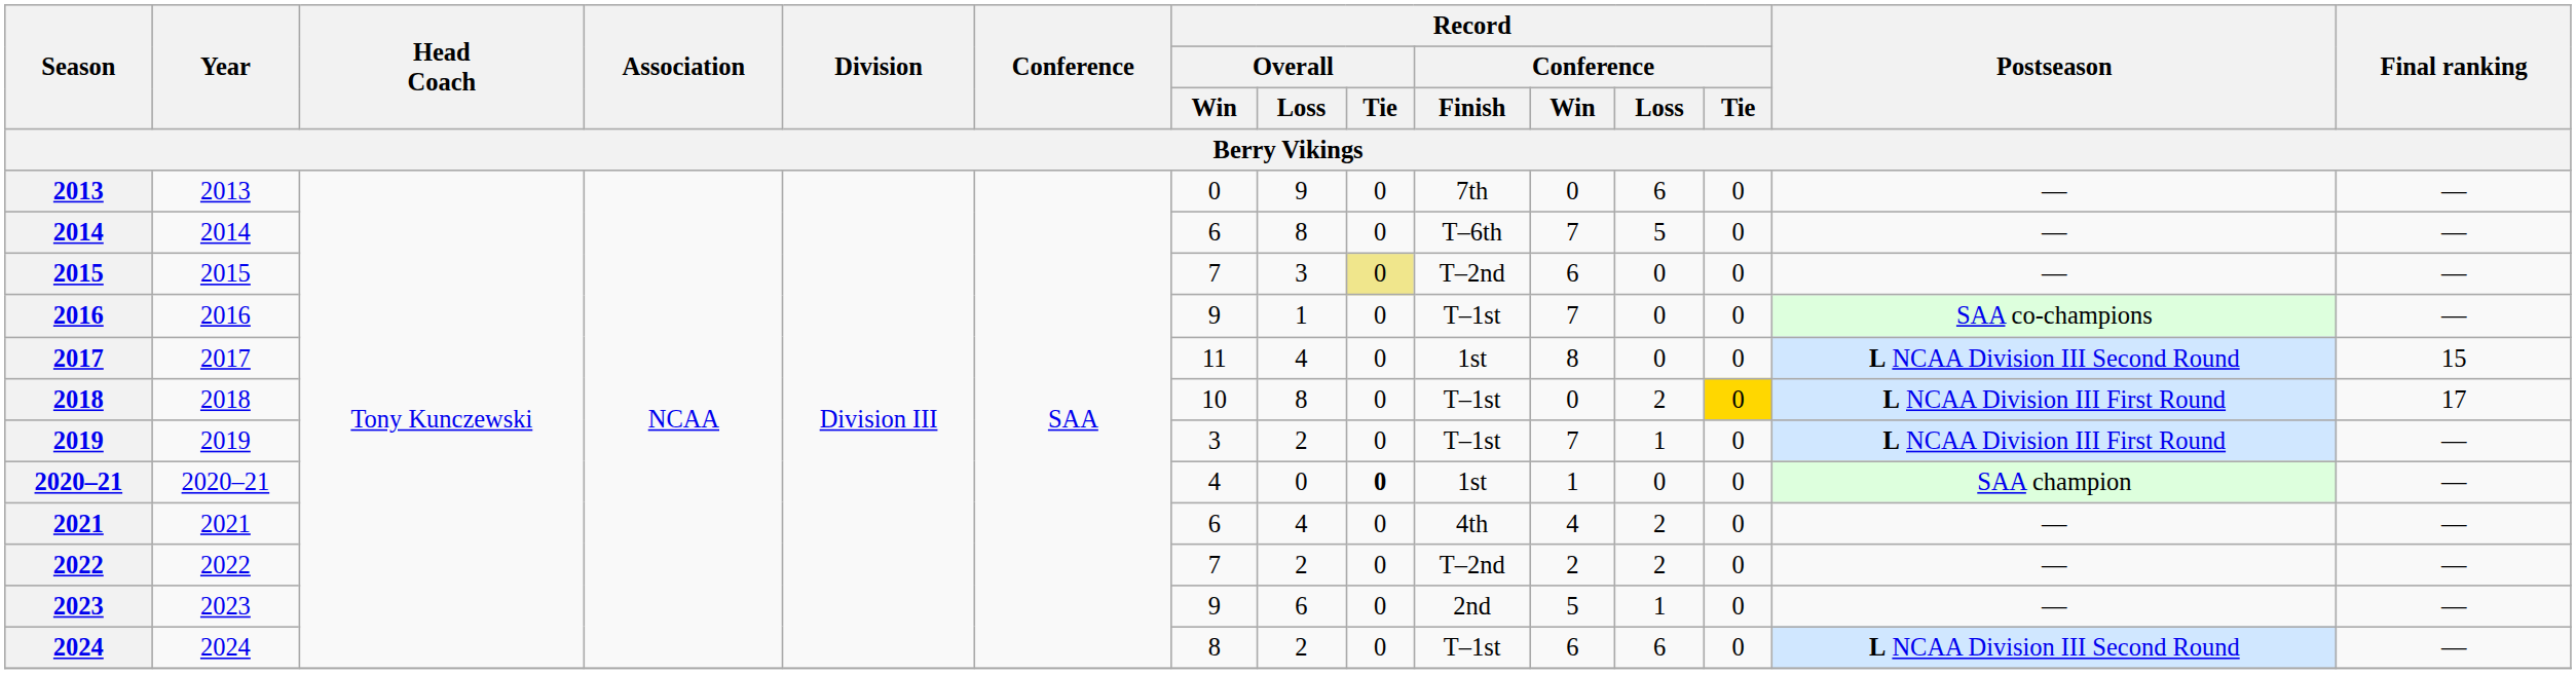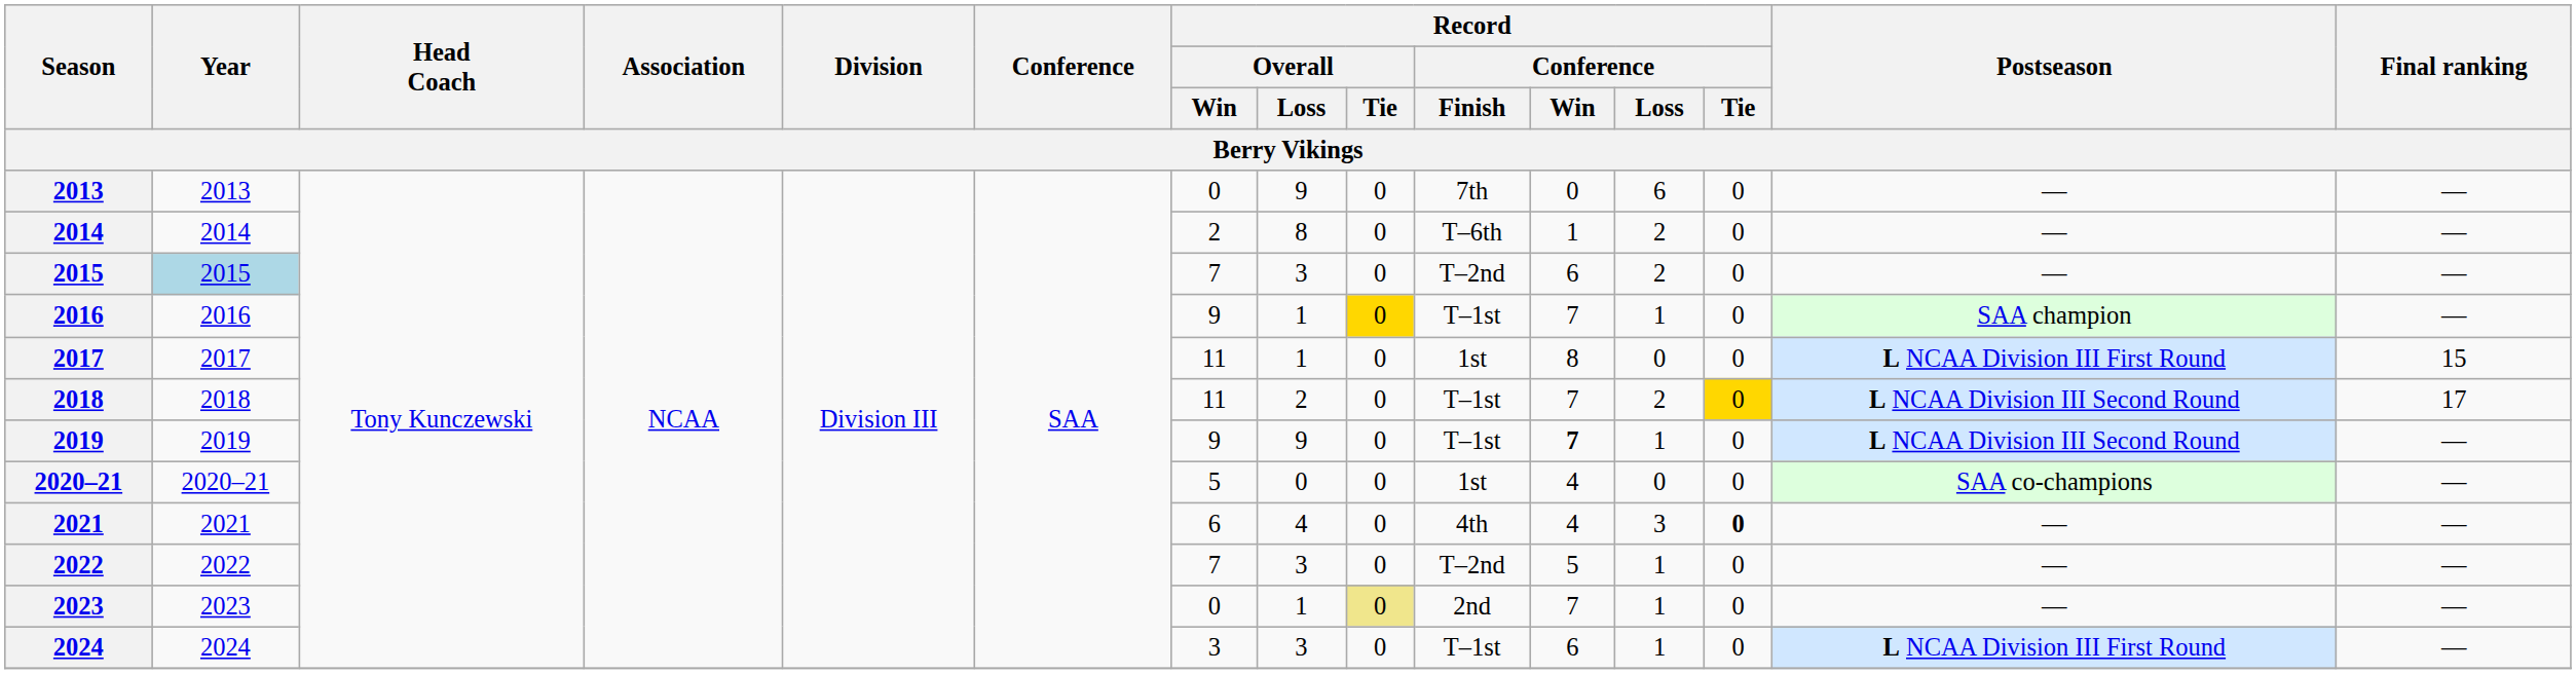 <table class="wikitable" style="font-size: 95%; width:98%;text-align:center;">
 <tr>
 <th rowspan="3">Season</th>
 <th rowspan="3">Year</th>
 <th rowspan="3">Head<br>Coach</th>
 <th rowspan="3">Association</th>
 <th rowspan="3">Division</th>
 <th rowspan="3">Conference</th>
 <th colspan="7">Record</th>
 <th rowspan="3">Postseason</th>
 <th rowspan="3">Final ranking</th>
 </tr>
 <tr>
 <th colspan="3">Overall</th>
 <th colspan="4">Conference</th>
 </tr>
 <tr>
 <th>Win</th>
 <th>Loss</th>
 <th>Tie</th>
 <th>Finish</th>
 <th>Win</th>
 <th>Loss</th>
 <th>Tie</th>
 </tr>
 <tr>
 <th colspan="15">Berry Vikings</th>
 </tr>
 <tr>
 <th><a href='#'>2013</a></th>
 <td><a href='#'>2013</a></td>
 <td rowspan="12"><a href='#'>Tony Kunczewski</a></td>
 <td rowspan="12"><a href='#'>NCAA</a></td>
 <td rowspan="12"><a href='#'>Division III</a></td>
 <td rowspan="12"><a href='#'>SAA</a></td>
 <td>0</td>
 <td>9</td>
 <td>0</td>
 <td>7th</td>
 <td>0</td>
 <td>6</td>
 <td>0</td>
 <td>—</td>
 <td>—</td>
 </tr>
 <tr>
 <th><a href='#'>2014</a></th>
 <td><a href='#'>2014</a></td>
-<td>6</td>
+<td>2</td>
 <td>8</td>
 <td>0</td>
 <td>T–6th</td>
-<td>7</td>
-<td>5</td>
+<td>1</td>
+<td>2</td>
 <td>0</td>
 <td>—</td>
 <td>—</td>
 </tr>
 <tr>
 <th><a href='#'>2015</a></th>
-<td><a href='#'>2015</a></td>
+<td style="background: lightblue;"><a href='#'>2015</a></td>
 <td>7</td>
 <td>3</td>
-<td style="background: khaki;">0</td>
+<td>0</td>
 <td>T–2nd</td>
 <td>6</td>
-<td>0</td>
+<td>2</td>
 <td>0</td>
 <td>—</td>
 <td>—</td>
 </tr>
 <tr>
 <th><a href='#'>2016</a></th>
 <td><a href='#'>2016</a></td>
 <td>9</td>
 <td>1</td>
-<td>0</td>
+<td style="background: gold;">0</td>
 <td>T–1st</td>
 <td>7</td>
+<td>1</td>
 <td>0</td>
-<td>0</td>
-<td bgcolor="#ddffdd"><a href='#'>SAA</a> co-champions</td>
+<td bgcolor="#ddffdd"><a href='#'>SAA</a> champion</td>
 <td>—</td>
 </tr>
 <tr>
 <th><a href='#'>2017</a></th>
 <td><a href='#'>2017</a></td>
 <td>11</td>
-<td>4</td>
+<td>1</td>
 <td>0</td>
 <td>1st</td>
 <td>8</td>
 <td>0</td>
 <td>0</td>
-<td bgcolor="#d0e7ff"><strong>L</strong> <a href='#'>NCAA Division III Second Round</a></td>
+<td bgcolor="#d0e7ff"><strong>L</strong> <a href='#'>NCAA Division III First Round</a></td>
 <td>15</td>
 </tr>
 <tr>
 <th><a href='#'>2018</a></th>
 <td><a href='#'>2018</a></td>
-<td>10</td>
-<td>8</td>
+<td>11</td>
+<td>2</td>
 <td>0</td>
 <td>T–1st</td>
-<td>0</td>
+<td>7</td>
 <td>2</td>
 <td style="background: gold;">0</td>
-<td bgcolor="#d0e7ff"><strong>L</strong> <a href='#'>NCAA Division III First Round</a></td>
+<td bgcolor="#d0e7ff"><strong>L</strong> <a href='#'>NCAA Division III Second Round</a></td>
 <td>17</td>
 </tr>
 <tr>
 <th><a href='#'>2019</a></th>
 <td><a href='#'>2019</a></td>
-<td>3</td>
-<td>2</td>
+<td>9</td>
+<td>9</td>
 <td>0</td>
 <td>T–1st</td>
-<td>7</td>
+<td><strong>7</strong></td>
 <td>1</td>
 <td>0</td>
-<td bgcolor="#d0e7ff"><strong>L</strong> <a href='#'>NCAA Division III First Round</a></td>
+<td bgcolor="#d0e7ff"><strong>L</strong> <a href='#'>NCAA Division III Second Round</a></td>
 <td>—</td>
 </tr>
 <tr>
 <th><a href='#'>2020–21</a></th>
 <td><a href='#'>2020–21</a></td>
+<td>5</td>
+<td>0</td>
+<td>0</td>
+<td>1st</td>
 <td>4</td>
 <td>0</td>
-<td><strong>0</strong></td>
-<td>1st</td>
-<td>1</td>
 <td>0</td>
-<td>0</td>
-<td bgcolor="#ddffdd"><a href='#'>SAA</a> champion</td>
+<td bgcolor="#ddffdd"><a href='#'>SAA</a> co-champions</td>
 <td>—</td>
 </tr>
 <tr>
 <th><a href='#'>2021</a></th>
 <td><a href='#'>2021</a></td>
 <td>6</td>
 <td>4</td>
 <td>0</td>
 <td>4th</td>
 <td>4</td>
-<td>2</td>
-<td>0</td>
+<td>3</td>
+<td><strong>0</strong></td>
 <td>—</td>
 <td>—</td>
 </tr>
 <tr>
 <th><a href='#'>2022</a></th>
 <td><a href='#'>2022</a></td>
 <td>7</td>
-<td>2</td>
+<td>3</td>
 <td>0</td>
 <td>T–2nd</td>
-<td>2</td>
-<td>2</td>
+<td>5</td>
+<td>1</td>
 <td>0</td>
 <td>—</td>
 <td>—</td>
 </tr>
 <tr>
 <th><a href='#'>2023</a></th>
 <td><a href='#'>2023</a></td>
-<td>9</td>
-<td>6</td>
 <td>0</td>
+<td>1</td>
+<td style="background: khaki;">0</td>
 <td>2nd</td>
-<td>5</td>
+<td>7</td>
 <td>1</td>
 <td>0</td>
 <td>—</td>
 <td>—</td>
 </tr>
 <tr>
 <th><a href='#'>2024</a></th>
 <td><a href='#'>2024</a></td>
-<td>8</td>
-<td>2</td>
+<td>3</td>
+<td>3</td>
 <td>0</td>
 <td>T–1st</td>
 <td>6</td>
-<td>6</td>
+<td>1</td>
 <td>0</td>
-<td bgcolor="#d0e7ff"><strong>L</strong> <a href='#'>NCAA Division III Second Round</a></td>
+<td bgcolor="#d0e7ff"><strong>L</strong> <a href='#'>NCAA Division III First Round</a></td>
 <td>—</td>
 </tr>
 <tr>
 </tr>
 </table>
